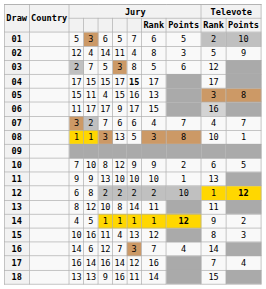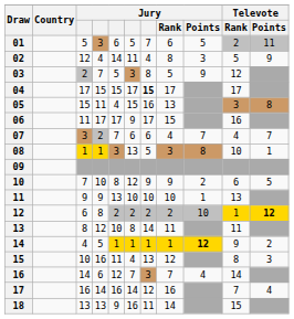 <table class="sortable wikitable collapsible plainrowheaders" style="text-align:center;">
 <tr>
 </tr>
 <tr>
 <th scope="col" rowspan="2">Draw</th>
 <th scope="col" rowspan="2">Country</th>
 <th scope="col" colspan="7">Jury</th>
 <th scope="col" colspan="2">Televote</th>
 </tr>
 <tr>
 <th scope="col"><small></small></th>
 <th scope="col"><small></small></th>
 <th scope="col"><small></small></th>
 <th scope="col"><small></small></th>
 <th scope="col"><small></small></th>
 <th scope="col">Rank</th>
 <th scope="col">Points</th>
 <th scope="col">Rank</th>
 <th scope="col">Points</th>
 </tr>
 <tr>
 <th scope="row" style="text-align:center;">01</th>
 <td style="text-align:left;"></td>
 <td>5</td>
 <td style="background:#CC9966;">3</td>
 <td>6</td>
 <td>5</td>
 <td>7</td>
 <td>6</td>
 <td>5</td>
 <td style="background:silver;">2</td>
-<td style="background:silver;">10</td>
+<td style="background:silver;">11</td>
 </tr>
 <tr>
 <th scope="row" style="text-align:center;">02</th>
 <td style="text-align:left;"></td>
 <td>12</td>
 <td>4</td>
 <td>14</td>
 <td>11</td>
 <td>4</td>
 <td>8</td>
 <td>3</td>
 <td>5</td>
 <td>9</td>
 </tr>
 <tr>
 <th scope="row" style="text-align:center;">03</th>
 <td style="text-align:left;"></td>
 <td style="background:silver;">2</td>
 <td>7</td>
 <td>5</td>
 <td style="background:#CC9966;">3</td>
 <td>8</td>
 <td>5</td>
-<td>6</td>
+<td>9</td>
 <td>12</td>
 <td style="background:#AAAAAA;"></td>
 </tr>
 <tr>
 <th scope="row" style="text-align:center;">04</th>
 <td style="text-align:left;"></td>
 <td>17</td>
 <td>15</td>
 <td>15</td>
 <td>17</td>
 <td><strong>15</strong></td>
 <td>17</td>
 <td style="background:#AAAAAA;"></td>
 <td>17</td>
 <td style="background:#AAAAAA;"></td>
 </tr>
 <tr>
 <th scope="row" style="text-align:center;">05</th>
 <td style="text-align:left;"></td>
 <td>15</td>
 <td>11</td>
 <td>4</td>
 <td>15</td>
 <td>16</td>
 <td>13</td>
 <td style="background:#AAAAAA;"></td>
 <td style="background:#CC9966;">3</td>
 <td style="background:#CC9966;">8</td>
 </tr>
 <tr>
 <th scope="row" style="text-align:center;">06</th>
 <td style="text-align:left;"></td>
 <td>11</td>
 <td>17</td>
 <td>17</td>
 <td>9</td>
 <td>17</td>
 <td>15</td>
 <td style="background:#AAAAAA;"></td>
-<td style="background: lightgrey;">16</td>
+<td>16</td>
 <td style="background:#AAAAAA;"></td>
 </tr>
 <tr>
 <th scope="row" style="text-align:center;">07</th>
 <td style="text-align:left;"></td>
 <td style="background:#CC9966;">3</td>
 <td style="background:silver;">2</td>
 <td>7</td>
 <td>6</td>
 <td>6</td>
 <td>4</td>
 <td>7</td>
 <td>4</td>
 <td>7</td>
 </tr>
 <tr>
 <th scope="row" style="text-align:center;">08</th>
 <td style="text-align:left;"></td>
 <td style="background:gold;">1</td>
 <td style="background:gold;">1</td>
 <td style="background:#CC9966;">3</td>
 <td>13</td>
 <td>5</td>
 <td style="background:#CC9966;">3</td>
 <td style="background:#CC9966;">8</td>
 <td>10</td>
 <td>1</td>
 </tr>
 <tr class="sortbottom">
 <th scope="row" style="text-align:center;">09</th>
 <td style="text-align:left;"></td>
 <td style="background:#AAAAAA;"></td>
 <td style="background:#AAAAAA;"></td>
 <td style="background:#AAAAAA;"></td>
 <td style="background:#AAAAAA;"></td>
 <td style="background:#AAAAAA;"></td>
 <td style="background:#AAAAAA;"></td>
 <td style="background:#AAAAAA;"></td>
 <td style="background:#AAAAAA;"></td>
 <td style="background:#AAAAAA;"></td>
 </tr>
 <tr>
 <th scope="row" style="text-align:center;">10</th>
 <td style="text-align:left;"></td>
 <td>7</td>
 <td>10</td>
 <td>8</td>
 <td>12</td>
 <td>9</td>
 <td>9</td>
 <td>2</td>
 <td>6</td>
 <td>5</td>
 </tr>
 <tr>
 <th scope="row" style="text-align:center;">11</th>
 <td style="text-align:left;"></td>
 <td>9</td>
 <td>9</td>
 <td>13</td>
 <td>10</td>
 <td>10</td>
 <td>10</td>
 <td>1</td>
 <td>13</td>
 <td style="background:#AAAAAA;"></td>
 </tr>
 <tr>
 <th scope="row" style="text-align:center;">12</th>
 <td style="text-align:left;"></td>
 <td>6</td>
 <td>8</td>
 <td style="background:silver;">2</td>
 <td style="background:silver;">2</td>
 <td style="background:silver;">2</td>
 <td style="background:silver;">2</td>
 <td style="background:silver;">10</td>
 <td style="background:gold;">1</td>
 <td style="background:gold;"><strong>12</strong></td>
 </tr>
 <tr>
 <th scope="row" style="text-align:center;">13</th>
 <td style="text-align:left;"></td>
 <td>8</td>
 <td>12</td>
 <td>10</td>
 <td>8</td>
 <td>14</td>
 <td>11</td>
 <td style="background:#AAAAAA;"></td>
 <td>11</td>
 <td style="background:#AAAAAA;"></td>
 </tr>
 <tr>
 <th scope="row" style="text-align:center;">14</th>
 <td style="text-align:left;"></td>
 <td>4</td>
 <td>5</td>
 <td style="background:gold;">1</td>
 <td style="background:gold;">1</td>
 <td style="background:gold;">1</td>
 <td style="background:gold;">1</td>
 <td style="background:gold;"><strong>12</strong></td>
 <td>9</td>
 <td>2</td>
 </tr>
 <tr>
 <th scope="row" style="text-align:center;">15</th>
 <td style="text-align:left;"></td>
 <td>10</td>
 <td>16</td>
 <td>11</td>
 <td>4</td>
 <td>13</td>
 <td>12</td>
 <td style="background:#AAAAAA;"></td>
 <td>8</td>
 <td>3</td>
 </tr>
 <tr>
 <th scope="row" style="text-align:center;">16</th>
 <td style="text-align:left;"></td>
 <td>14</td>
 <td>6</td>
 <td>12</td>
 <td>7</td>
 <td style="background:#CC9966;">3</td>
 <td>7</td>
 <td>4</td>
 <td>14</td>
 <td style="background:#AAAAAA;"></td>
 </tr>
 <tr>
 <th scope="row" style="text-align:center;">17</th>
 <td style="text-align:left;"></td>
 <td>16</td>
 <td>14</td>
 <td>16</td>
 <td>14</td>
 <td>12</td>
 <td>16</td>
 <td style="background:#AAAAAA;"></td>
 <td>7</td>
 <td>4</td>
 </tr>
 <tr>
 <th scope="row" style="text-align:center;">18</th>
 <td style="text-align:left;"></td>
 <td>13</td>
 <td>13</td>
 <td>9</td>
 <td>16</td>
 <td>11</td>
 <td>14</td>
 <td style="background:#AAAAAA;"></td>
 <td>15</td>
 <td style="background:#AAAAAA;"></td>
 </tr>
 </table>
